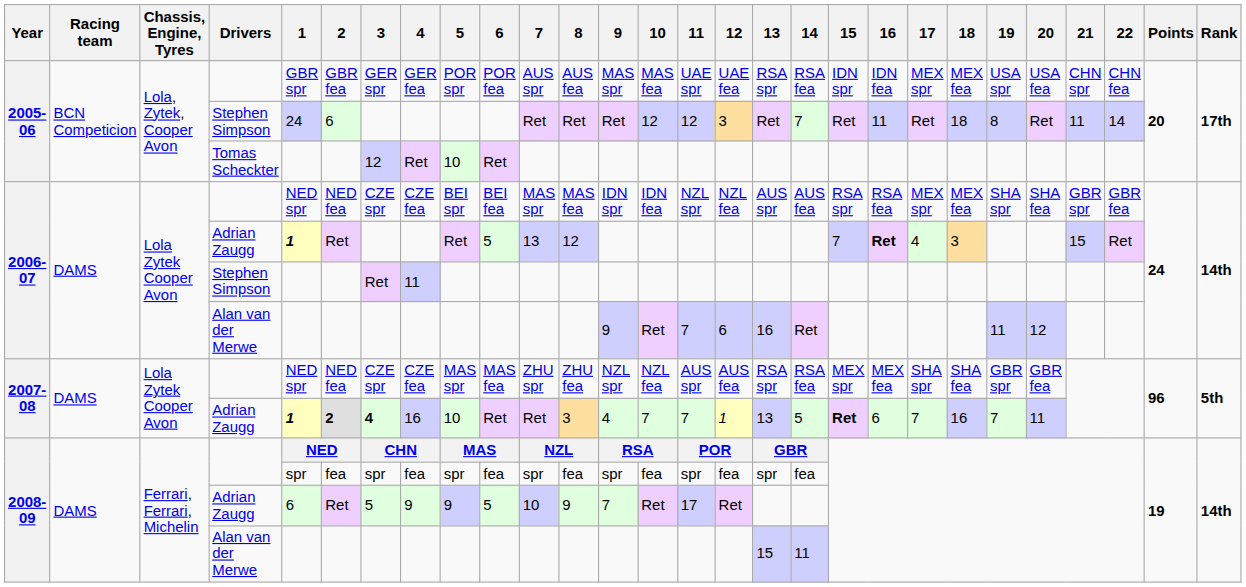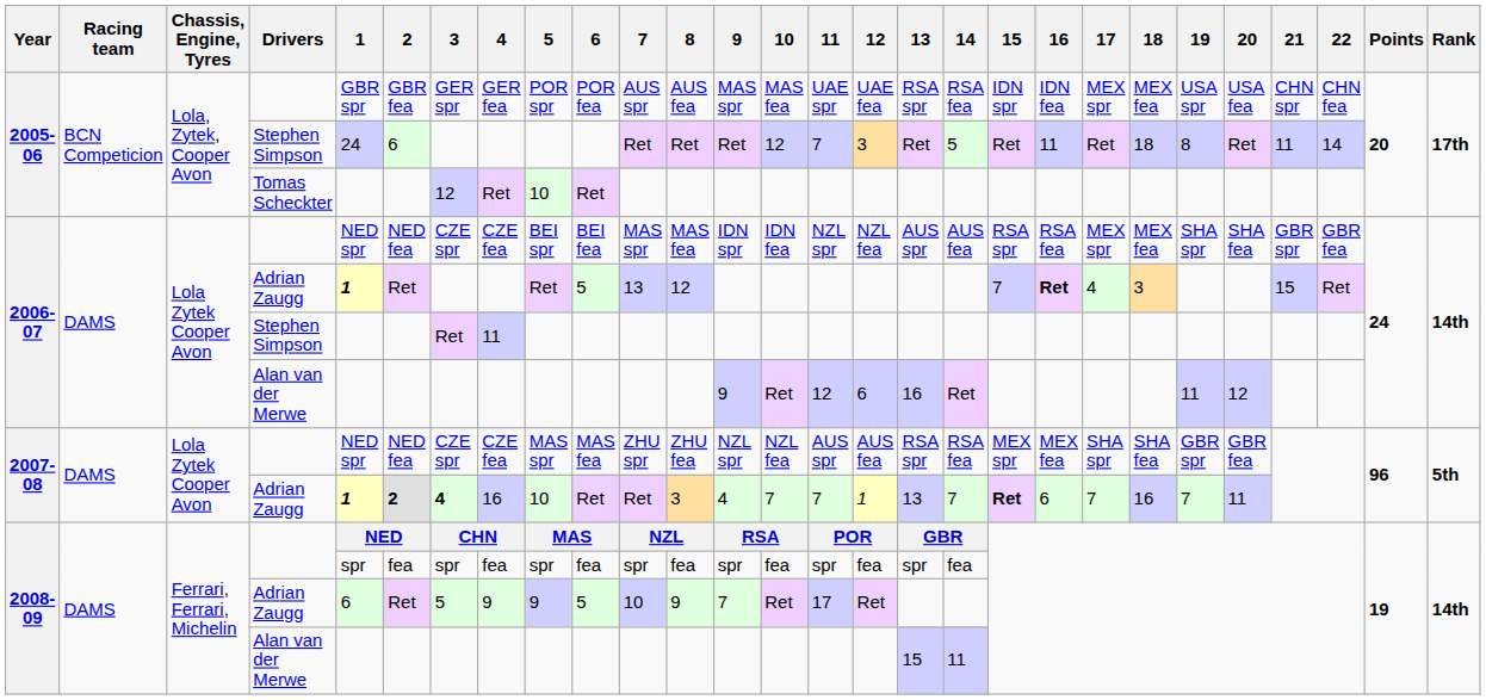 <table class="wikitable" style="font-size: 85%">
 <tr>
 <th>Year</th>
 <th width="4%">Racing<br>team</th>
 <th width="4%">Chassis,<br>Engine,<br>Tyres</th>
 <th>Drivers</th>
 <th width="2%">1</th>
 <th width="2%">2</th>
 <th width="2%">3</th>
 <th width="2%">4</th>
 <th width="2%">5</th>
 <th width="2%">6</th>
 <th width="2%">7</th>
 <th width="2%">8</th>
 <th width="2%">9</th>
 <th width="2%">10</th>
 <th width="2%">11</th>
 <th width="2%">12</th>
 <th width="2%">13</th>
 <th width="2%">14</th>
 <th width="2%">15</th>
 <th width="2%">16</th>
 <th width="2%">17</th>
 <th width="2%">18</th>
 <th width="2%">19</th>
 <th width="2%">20</th>
 <th width="2%">21</th>
 <th width="2%">22</th>
 <th>Points</th>
 <th>Rank</th>
 </tr>
 <tr>
 <th rowspan=3><a href='#'>2005-06</a></th>
 <td rowspan=3><a href='#'>BCN Competicion</a></td>
 <td rowspan=3><a href='#'>Lola</a>,<br><a href='#'>Zytek</a>,<br><a href='#'>Cooper Avon</a></td>
 <td></td>
 <td><a href='#'>GBR spr</a></td>
 <td><a href='#'>GBR fea</a></td>
 <td><a href='#'>GER spr</a></td>
 <td><a href='#'>GER fea</a></td>
 <td><a href='#'>POR spr</a></td>
 <td><a href='#'>POR fea</a></td>
 <td><a href='#'>AUS spr</a></td>
 <td><a href='#'>AUS fea</a></td>
 <td><a href='#'>MAS spr</a></td>
 <td><a href='#'>MAS fea</a></td>
 <td><a href='#'>UAE spr</a></td>
 <td><a href='#'>UAE fea</a></td>
 <td><a href='#'>RSA spr</a></td>
 <td><a href='#'>RSA fea</a></td>
 <td><a href='#'>IDN spr</a></td>
 <td><a href='#'>IDN fea</a></td>
 <td><a href='#'>MEX spr</a></td>
 <td><a href='#'>MEX fea</a></td>
 <td><a href='#'>USA spr</a></td>
 <td><a href='#'>USA fea</a></td>
 <td><a href='#'>CHN spr</a></td>
 <td><a href='#'>CHN fea</a></td>
 <td rowspan=3><strong>20</strong></td>
 <td rowspan=3><strong>17th</strong></td>
 </tr>
 <tr>
 <td><a href='#'>Stephen Simpson</a></td>
 <td style="background:#CFCFFF;">24</td>
 <td style="background:#DFFFDF;">6</td>
 <td></td>
 <td></td>
 <td></td>
 <td></td>
 <td style="background:#EFCFFF;">Ret</td>
 <td style="background:#EFCFFF;">Ret</td>
 <td style="background:#EFCFFF;">Ret</td>
 <td style="background:#CFCFFF;">12</td>
-<td style="background:#CFCFFF;">12</td>
+<td style="background:#CFCFFF;">7</td>
 <td style="background:#FFDF9F;">3</td>
 <td style="background:#EFCFFF;">Ret</td>
-<td style="background:#DFFFDF;">7</td>
+<td style="background:#DFFFDF;">5</td>
 <td style="background:#EFCFFF;">Ret</td>
 <td style="background:#CFCFFF;">11</td>
 <td style="background:#EFCFFF;">Ret</td>
 <td style="background:#CFCFFF;">18</td>
 <td style="background:#CFCFFF;">8</td>
 <td style="background:#EFCFFF;">Ret</td>
 <td style="background:#CFCFFF;">11</td>
 <td style="background:#CFCFFF;">14</td>
 </tr>
 <tr>
 <td><a href='#'>Tomas Scheckter</a></td>
 <td></td>
 <td></td>
 <td style="background:#CFCFFF;">12</td>
 <td style="background:#EFCFFF;">Ret</td>
 <td style="background:#DFFFDF;">10</td>
 <td style="background:#EFCFFF;">Ret</td>
 <td></td>
 <td></td>
 <td></td>
 <td></td>
 <td></td>
 <td></td>
 <td></td>
 <td></td>
 <td></td>
 <td></td>
 <td></td>
 <td></td>
 <td></td>
 <td></td>
 <td></td>
 <td></td>
 </tr>
 <tr>
 <th rowspan=4><a href='#'>2006-07</a></th>
 <td rowspan=4><a href='#'>DAMS</a></td>
 <td rowspan=4><a href='#'>Lola</a><br><a href='#'>Zytek</a><br><a href='#'>Cooper Avon</a></td>
 <td></td>
 <td><a href='#'>NED spr</a></td>
 <td><a href='#'>NED fea</a></td>
 <td><a href='#'>CZE spr</a></td>
 <td><a href='#'>CZE fea</a></td>
 <td><a href='#'>BEI spr</a></td>
 <td><a href='#'>BEI fea</a></td>
 <td><a href='#'>MAS spr</a></td>
 <td><a href='#'>MAS fea</a></td>
 <td><a href='#'>IDN spr</a></td>
 <td><a href='#'>IDN fea</a></td>
 <td><a href='#'>NZL spr</a></td>
 <td><a href='#'>NZL fea</a></td>
 <td><a href='#'>AUS spr</a></td>
 <td><a href='#'>AUS fea</a></td>
 <td><a href='#'>RSA spr</a></td>
 <td><a href='#'>RSA fea</a></td>
 <td><a href='#'>MEX spr</a></td>
 <td><a href='#'>MEX fea</a></td>
 <td><a href='#'>SHA spr</a></td>
 <td><a href='#'>SHA fea</a></td>
 <td><a href='#'>GBR spr</a></td>
 <td><a href='#'>GBR fea</a></td>
 <td rowspan=4><strong>24</strong></td>
 <td rowspan=4><strong>14th</strong></td>
 </tr>
 <tr>
 <td><a href='#'>Adrian Zaugg</a></td>
 <td style="background:#FFFFBF;"><strong><em>1</em></strong></td>
 <td style="background:#EFCFFF;">Ret</td>
 <td></td>
 <td></td>
 <td style="background:#EFCFFF;">Ret</td>
 <td style="background:#DFFFDF;">5</td>
 <td style="background:#CFCFFF;">13</td>
 <td style="background:#CFCFFF;">12</td>
 <td></td>
 <td></td>
 <td></td>
 <td></td>
 <td></td>
 <td></td>
 <td style="background:#CFCFFF;">7</td>
 <td style="background:#EFCFFF;"><strong>Ret</strong></td>
 <td style="background:#DFFFDF;">4</td>
 <td style="background:#FFDF9F;">3</td>
 <td></td>
 <td></td>
 <td style="background:#CFCFFF;">15</td>
 <td style="background:#EFCFFF;">Ret</td>
 </tr>
 <tr>
 <td><a href='#'>Stephen Simpson</a></td>
 <td></td>
 <td></td>
 <td style="background:#EFCFFF;">Ret</td>
 <td style="background:#CFCFFF;">11</td>
 <td></td>
 <td></td>
 <td></td>
 <td></td>
 <td></td>
 <td></td>
 <td></td>
 <td></td>
 <td></td>
 <td></td>
 <td></td>
 <td></td>
 <td></td>
 <td></td>
 <td></td>
 <td></td>
 <td></td>
 <td></td>
 </tr>
 <tr>
 <td><a href='#'>Alan van der Merwe</a></td>
 <td></td>
 <td></td>
 <td></td>
 <td></td>
 <td></td>
 <td></td>
 <td></td>
 <td></td>
 <td style="background:#CFCFFF;">9</td>
 <td style="background:#EFCFFF;">Ret</td>
-<td style="background:#CFCFFF;">7</td>
+<td style="background:#CFCFFF;">12</td>
 <td style="background:#CFCFFF;">6</td>
 <td style="background:#CFCFFF;">16</td>
 <td style="background:#EFCFFF;">Ret</td>
 <td></td>
 <td></td>
 <td></td>
 <td></td>
 <td style="background:#CFCFFF;">11</td>
 <td style="background:#CFCFFF;">12</td>
 <td></td>
 <td></td>
 </tr>
 <tr>
 <th rowspan=2><a href='#'>2007-08</a></th>
 <td rowspan=2><a href='#'>DAMS</a></td>
 <td rowspan=2><a href='#'>Lola</a><br><a href='#'>Zytek</a><br><a href='#'>Cooper Avon</a></td>
 <td></td>
 <td><a href='#'>NED spr</a></td>
 <td><a href='#'>NED fea</a></td>
 <td><a href='#'>CZE spr</a></td>
 <td><a href='#'>CZE fea</a></td>
 <td><a href='#'>MAS spr</a></td>
 <td><a href='#'>MAS fea</a></td>
 <td><a href='#'>ZHU spr</a></td>
 <td><a href='#'>ZHU fea</a></td>
 <td><a href='#'>NZL spr</a></td>
 <td><a href='#'>NZL fea</a></td>
 <td><a href='#'>AUS spr</a></td>
 <td><a href='#'>AUS fea</a></td>
 <td><a href='#'>RSA spr</a></td>
 <td><a href='#'>RSA fea</a></td>
 <td><a href='#'>MEX spr</a></td>
 <td><a href='#'>MEX fea</a></td>
 <td><a href='#'>SHA spr</a></td>
 <td><a href='#'>SHA fea</a></td>
 <td><a href='#'>GBR spr</a></td>
 <td><a href='#'>GBR fea</a></td>
 <td colspan=2 rowspan=2></td>
 <td rowspan=2><strong>96</strong></td>
 <td rowspan=2><strong>5th</strong></td>
 </tr>
 <tr>
 <td><a href='#'>Adrian Zaugg</a></td>
 <td style="background:#FFFFBF;"><strong><em>1</em></strong></td>
 <td style="background:#DFDFDF;"><strong>2</strong></td>
 <td style="background:#DFFFDF;"><strong>4</strong></td>
 <td style="background:#CFCFFF;">16</td>
 <td style="background:#DFFFDF;">10</td>
 <td style="background:#EFCFFF;">Ret</td>
 <td style="background:#EFCFFF;">Ret</td>
 <td style="background:#FFDF9F;">3</td>
 <td style="background:#DFFFDF;">4</td>
 <td style="background:#DFFFDF;">7</td>
 <td style="background:#DFFFDF;">7</td>
 <td style="background:#FFFFBF;"><em>1</em></td>
 <td style="background:#CFCFFF;">13</td>
-<td style="background:#DFFFDF;">5</td>
+<td style="background:#DFFFDF;">7</td>
 <td style="background:#EFCFFF;"><strong>Ret</strong></td>
 <td style="background:#DFFFDF;">6</td>
 <td style="background:#DFFFDF;">7</td>
 <td style="background:#CFCFFF;">16</td>
 <td style="background:#DFFFDF;">7</td>
 <td style="background:#CFCFFF;">11<br></td>
 </tr>
 <tr>
 <th rowspan=4><a href='#'>2008-09</a></th>
 <td rowspan=4><a href='#'>DAMS</a></td>
 <td rowspan=4><a href='#'>Ferrari</a>,<br><a href='#'>Ferrari</a>,<br><a href='#'>Michelin</a></td>
 <td rowspan=2></td>
 <th colspan=2> <a href='#'>NED</a></th>
 <th colspan=2> <a href='#'>CHN</a></th>
 <th colspan=2> <a href='#'>MAS</a></th>
 <th colspan=2> <a href='#'>NZL</a></th>
 <th colspan=2> <a href='#'>RSA</a></th>
 <th colspan=2> <a href='#'>POR</a></th>
 <th colspan=2> <a href='#'>GBR</a></th>
 <td colspan=8 rowspan=4></td>
 <td rowspan=4><strong>19</strong></td>
 <td rowspan=4><strong>14th</strong></td>
 </tr>
 <tr>
 <td>spr</td>
 <td>fea</td>
 <td>spr</td>
 <td>fea</td>
 <td>spr</td>
 <td>fea</td>
 <td>spr</td>
 <td>fea</td>
 <td>spr</td>
 <td>fea</td>
 <td>spr</td>
 <td>fea</td>
 <td>spr</td>
 <td>fea</td>
 </tr>
 <tr>
 <td><a href='#'>Adrian Zaugg</a></td>
 <td style="background:#DFFFDF;">6</td>
 <td style="background:#EFCFFF;">Ret</td>
 <td style="background:#DFFFDF;">5</td>
 <td style="background:#DFFFDF;">9</td>
 <td style="background:#CFCFFF;">9</td>
 <td style="background:#DFFFDF;">5</td>
 <td style="background:#CFCFFF;">10</td>
 <td style="background:#DFFFDF;">9</td>
 <td style="background:#DFFFDF;">7</td>
 <td style="background:#EFCFFF;">Ret</td>
 <td style="background:#CFCFFF;">17</td>
 <td style="background:#EFCFFF;">Ret</td>
 <td></td>
 <td></td>
 </tr>
 <tr>
 <td><a href='#'>Alan van der Merwe</a></td>
 <td></td>
 <td></td>
 <td></td>
 <td></td>
 <td></td>
 <td></td>
 <td></td>
 <td></td>
 <td></td>
 <td></td>
 <td></td>
 <td></td>
 <td style="background:#CFCFFF;">15</td>
 <td style="background:#CFCFFF;">11</td>
 </tr>
 </table>
